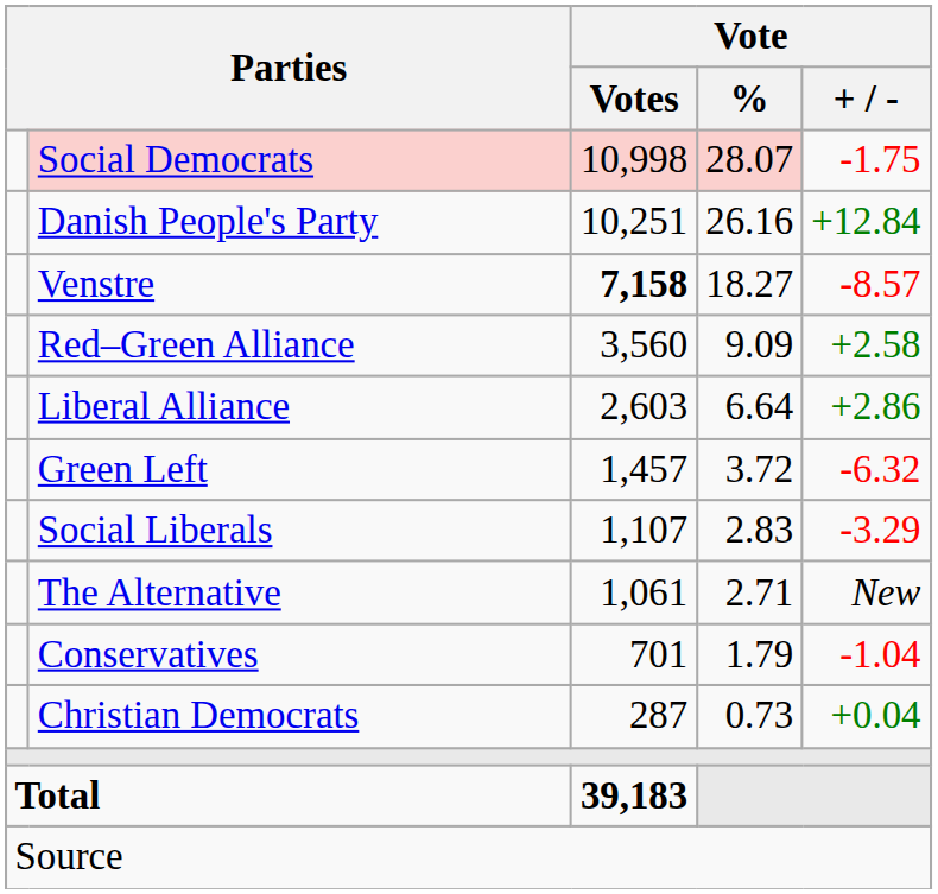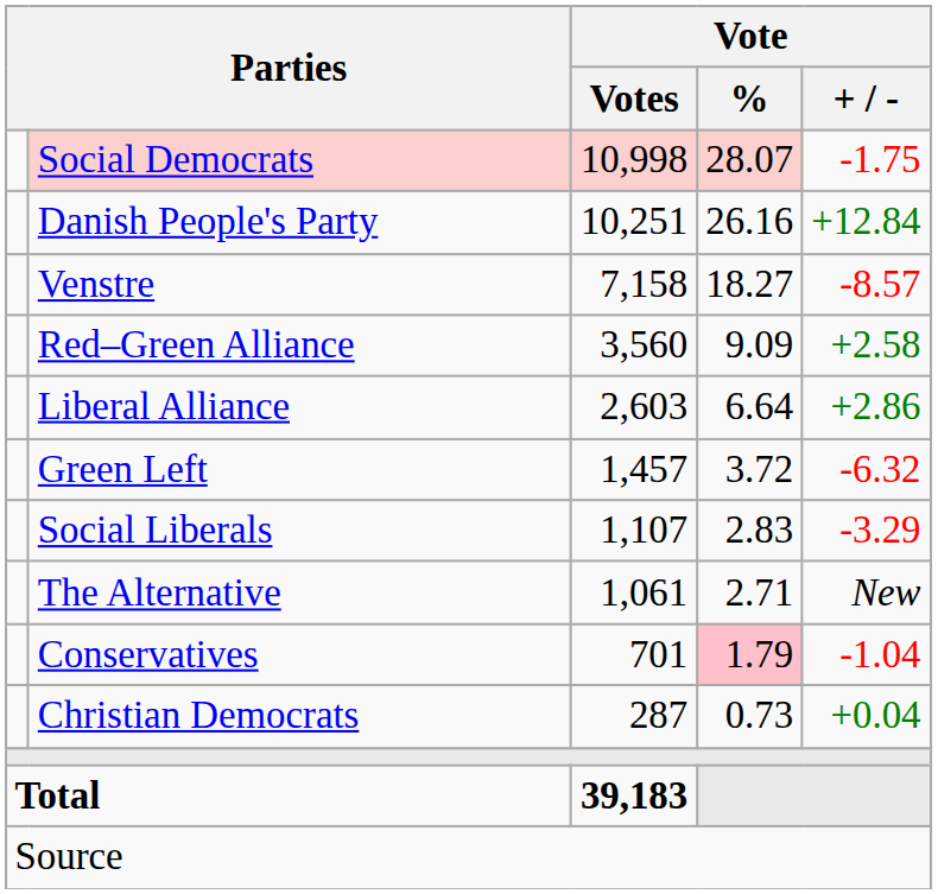 <table class="wikitable" style="text-align:right;">
 <tr>
 <th style="text-align:centre;" rowspan="2" colspan="2" width="225">Parties</th>
 <th colspan="3">Vote</th>
 </tr>
 <tr>
 <th width="15">Votes</th>
 <th width="15">%</th>
 <th width="15">+ / -</th>
 </tr>
 <tr>
 <td width="2" style="color:inherit;background:"></td>
 <td bgcolor=#fbd0ce  align="left"><a href='#'>Social Democrats</a></td>
 <td bgcolor=#fbd0ce>10,998</td>
 <td bgcolor=#fbd0ce>28.07</td>
 <td style=color:red;>-1.75</td>
 </tr>
 <tr>
 <td width="2" style="color:inherit;background:"></td>
 <td align="left"><a href='#'>Danish People's Party</a></td>
 <td>10,251</td>
 <td>26.16</td>
 <td style=color:green;>+12.84</td>
 </tr>
 <tr>
 <td width="2" style="color:inherit;background:"></td>
 <td align="left"><a href='#'>Venstre</a></td>
-<td><strong>7,158</strong></td>
+<td>7,158</td>
 <td>18.27</td>
 <td style=color:red;>-8.57</td>
 </tr>
 <tr>
 <td width="2" style="color:inherit;background:"></td>
 <td align="left"><a href='#'>Red–Green Alliance</a></td>
 <td>3,560</td>
 <td>9.09</td>
 <td style=color:green;>+2.58</td>
 </tr>
 <tr>
 <td width="2" style="color:inherit;background:"></td>
 <td align="left"><a href='#'>Liberal Alliance</a></td>
 <td>2,603</td>
 <td>6.64</td>
 <td style=color:green;>+2.86</td>
 </tr>
 <tr>
 <td width="2" style="color:inherit;background:"></td>
 <td align="left"><a href='#'>Green Left</a></td>
 <td>1,457</td>
 <td>3.72</td>
 <td style=color:red;>-6.32</td>
 </tr>
 <tr>
 <td width="2" style="color:inherit;background:"></td>
 <td align="left"><a href='#'>Social Liberals</a></td>
 <td>1,107</td>
 <td>2.83</td>
 <td style=color:red;>-3.29</td>
 </tr>
 <tr>
 <td width="2" style="color:inherit;background:"></td>
 <td align="left"><a href='#'>The Alternative</a></td>
 <td>1,061</td>
 <td>2.71</td>
 <td><em>New</em></td>
 </tr>
 <tr>
 <td width="2" style="color:inherit;background:"></td>
 <td align="left"><a href='#'>Conservatives</a></td>
 <td>701</td>
-<td>1.79</td>
+<td style="background: pink;">1.79</td>
 <td style=color:red;>-1.04</td>
 </tr>
 <tr>
 <td width="2" style="color:inherit;background:"></td>
 <td align="left"><a href='#'>Christian Democrats</a></td>
 <td>287</td>
 <td>0.73</td>
 <td style=color:green;>+0.04</td>
 </tr>
 <tr>
 <td colspan="7" bgcolor="#E9E9E9"></td>
 </tr>
 <tr>
 <td align="left" colspan="2"><strong>Total</strong></td>
 <td><strong>39,183</strong></td>
 <td bgcolor="#E9E9E9" colspan="2"></td>
 </tr>
 <tr>
 <td align="left" colspan="6">Source</td>
 </tr>
 </table>
